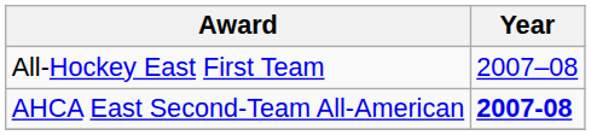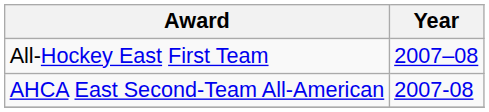 <table class="wikitable">
 <tr>
 <th>Award</th>
 <th>Year</th>
 </tr>
 <tr>
 <td>All-<a href='#'>Hockey East</a> <a href='#'>First Team</a></td>
 <td><a href='#'>2007–08</a></td>
 </tr>
 <tr>
 <td><a href='#'>AHCA</a> <a href='#'>East Second-Team All-American</a></td>
-<td><strong><a href='#'>2007-08</a></strong></td>
+<td><a href='#'>2007-08</a></td>
 </tr>
 <tr>
 </tr>
 </table>
